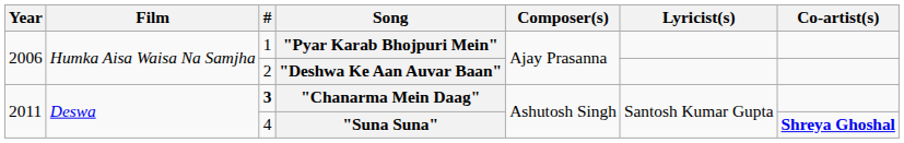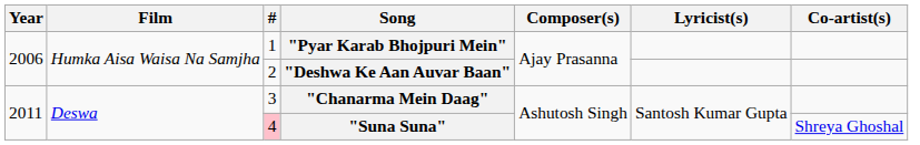 <table class="wikitable plainrowheaders">
 <tr>
 <th scope="col">Year</th>
 <th scope="col">Film</th>
 <th>#</th>
 <th scope="col">Song</th>
 <th scope="col">Composer(s)</th>
 <th scope="col">Lyricist(s)</th>
 <th scope="col">Co-artist(s)</th>
 </tr>
 <tr>
 <td rowspan="2">2006</td>
 <td rowspan="2"><em>Humka Aisa Waisa Na Samjha</em></td>
 <td>1</td>
 <th scope="row">"Pyar Karab Bhojpuri Mein"</th>
 <td rowspan="2">Ajay Prasanna</td>
 <td></td>
 <td></td>
 </tr>
 <tr>
 <td>2</td>
 <th scope="row">"Deshwa Ke Aan Auvar Baan"</th>
 <td></td>
 <td></td>
 </tr>
 <tr>
 <td rowspan="2">2011</td>
 <td rowspan="2"><em><a href='#'>Deswa</a></em></td>
-<td><strong>3</strong></td>
+<td>3</td>
 <th scope="row">"Chanarma Mein Daag"</th>
 <td rowspan="2">Ashutosh Singh</td>
 <td rowspan="2">Santosh Kumar Gupta</td>
 <td></td>
 </tr>
 <tr>
-<td>4</td>
+<td style="background: pink;">4</td>
 <th scope="row">"Suna Suna"</th>
-<td><strong><a href='#'>Shreya Ghoshal</a></strong></td>
+<td><a href='#'>Shreya Ghoshal</a></td>
 </tr>
 </table>
